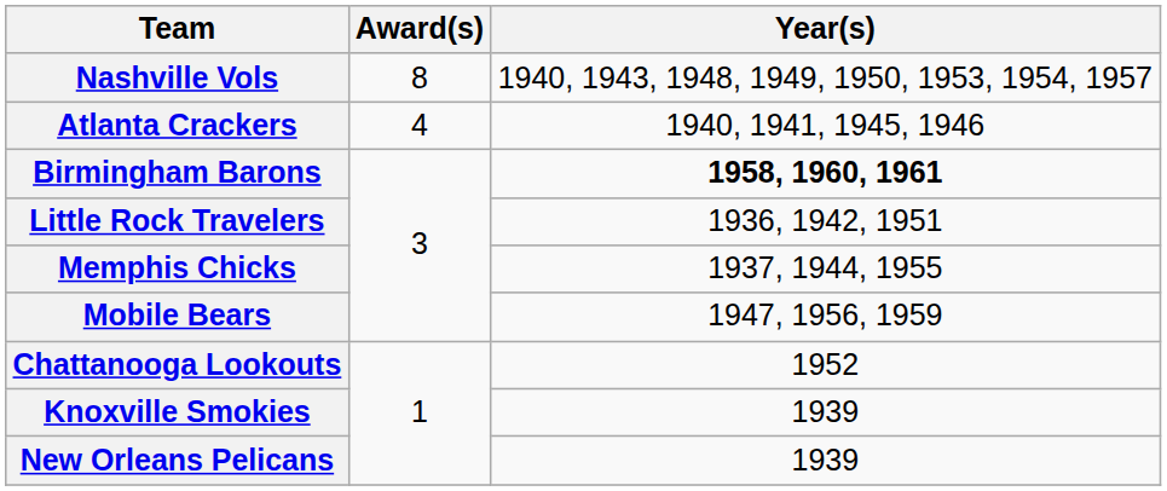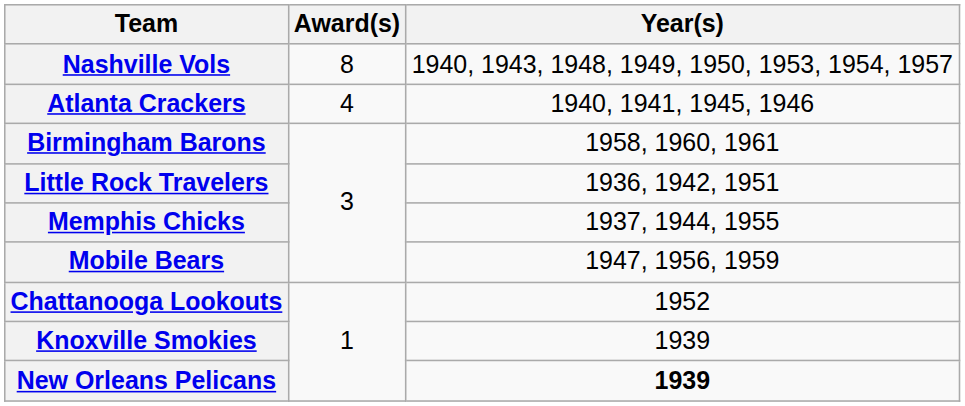 <table class="wikitable sortable plainrowheaders" style="text-align:center">
 <tr>
 <th scope="col">Team</th>
 <th scope="col">Award(s)</th>
 <th scope="col">Year(s)</th>
 </tr>
 <tr>
 <th scope="row" style="text-align:center"><a href='#'>Nashville Vols</a></th>
 <td>8</td>
 <td>1940, 1943, 1948, 1949, 1950, 1953, 1954, 1957</td>
 </tr>
 <tr>
 <th scope="row" style="text-align:center"><a href='#'>Atlanta Crackers</a></th>
 <td>4</td>
 <td>1940, 1941, 1945, 1946</td>
 </tr>
 <tr>
 <th scope="row" style="text-align:center"><a href='#'>Birmingham Barons</a></th>
 <td rowspan="4">3</td>
-<td><strong>1958, 1960, 1961</strong></td>
+<td>1958, 1960, 1961</td>
 </tr>
 <tr>
 <th scope="row" style="text-align:center"><a href='#'>Little Rock Travelers</a></th>
 <td>1936, 1942, 1951</td>
 </tr>
 <tr>
 <th scope="row" style="text-align:center"><a href='#'>Memphis Chicks</a></th>
 <td>1937, 1944, 1955</td>
 </tr>
 <tr>
 <th scope="row" style="text-align:center"><a href='#'>Mobile Bears</a></th>
 <td>1947, 1956, 1959</td>
 </tr>
 <tr>
 <th scope="row" style="text-align:center"><a href='#'>Chattanooga Lookouts</a></th>
 <td rowspan="3">1</td>
 <td>1952</td>
 </tr>
 <tr>
 <th scope="row" style="text-align:center"><a href='#'>Knoxville Smokies</a></th>
 <td>1939</td>
 </tr>
 <tr>
 <th scope="row" style="text-align:center"><a href='#'>New Orleans Pelicans</a></th>
-<td>1939</td>
+<td><strong>1939</strong></td>
 </tr>
 </table>
